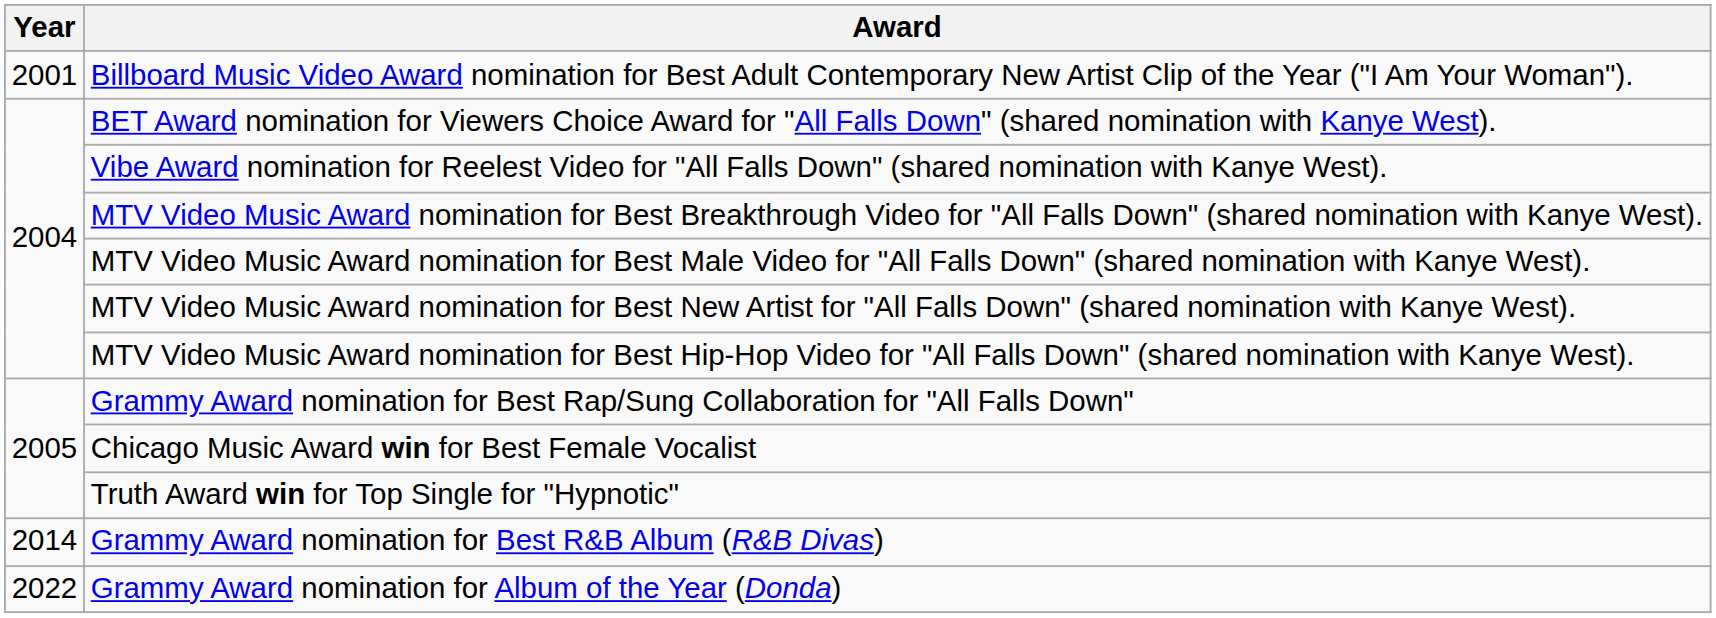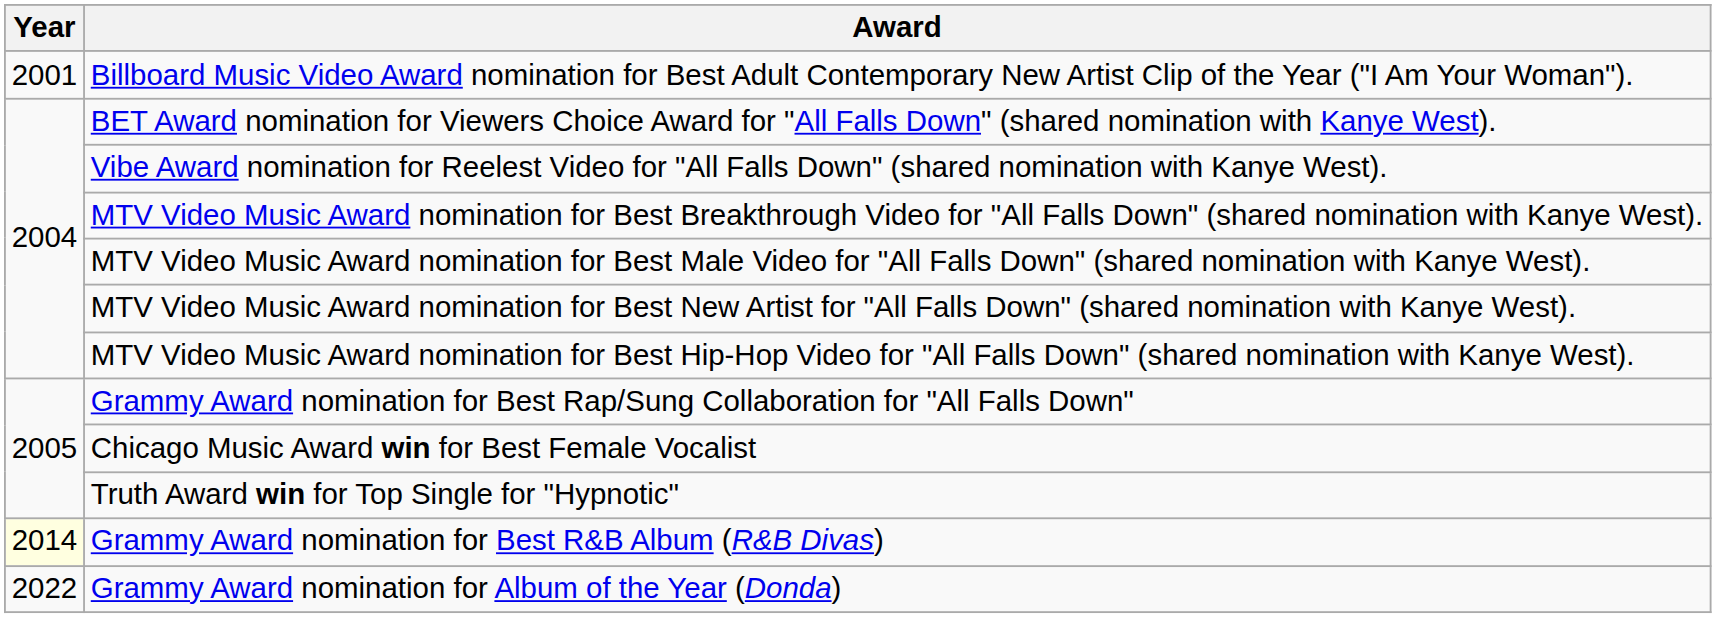 <table class="wikitable">
 <tr>
 <th>Year</th>
 <th>Award</th>
 </tr>
 <tr>
 <td>2001</td>
 <td><a href='#'>Billboard Music Video Award</a> nomination for Best Adult Contemporary New Artist Clip of the Year ("I Am Your Woman").</td>
 </tr>
 <tr>
 <td rowspan="6">2004</td>
 <td><a href='#'>BET Award</a> nomination for Viewers Choice Award for "<a href='#'>All Falls Down</a>" (shared nomination with <a href='#'>Kanye West</a>).</td>
 </tr>
 <tr>
 <td><a href='#'>Vibe Award</a> nomination for Reelest Video for "All Falls Down" (shared nomination with Kanye West).</td>
 </tr>
 <tr>
 <td><a href='#'>MTV Video Music Award</a> nomination for Best Breakthrough Video for "All Falls Down" (shared nomination with Kanye West).</td>
 </tr>
 <tr>
 <td>MTV Video Music Award nomination for Best Male Video for "All Falls Down" (shared nomination with Kanye West).</td>
 </tr>
 <tr>
 <td>MTV Video Music Award nomination for Best New Artist for "All Falls Down" (shared nomination with Kanye West).</td>
 </tr>
 <tr>
 <td>MTV Video Music Award nomination for Best Hip-Hop Video for "All Falls Down" (shared nomination with Kanye West).</td>
 </tr>
 <tr>
 <td rowspan="3">2005</td>
 <td><a href='#'>Grammy Award</a> nomination for Best Rap/Sung Collaboration for "All Falls Down"</td>
 </tr>
 <tr>
 <td>Chicago Music Award <strong>win</strong> for Best Female Vocalist </td>
 </tr>
 <tr>
 <td>Truth Award <strong>win</strong> for Top Single for "Hypnotic"</td>
 </tr>
 <tr>
-<td>2014</td>
+<td style="background: lightyellow;">2014</td>
 <td><a href='#'>Grammy Award</a> nomination for <a href='#'>Best R&B Album</a> (<em><a href='#'>R&B Divas</a></em>)</td>
 </tr>
 <tr>
 <td>2022</td>
 <td><a href='#'>Grammy Award</a> nomination for <a href='#'>Album of the Year</a> (<em><a href='#'>Donda</a></em>)</td>
 </tr>
 </table>
